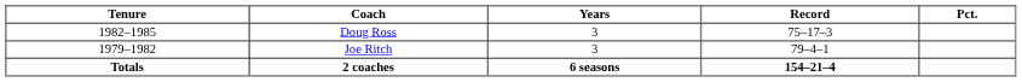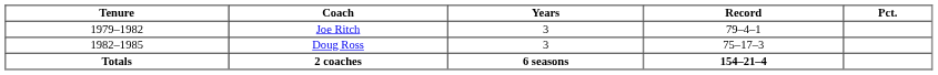 <table cellpadding="1" border="1" cellspacing="0" width="80%">
 <tr>
 <th>Tenure</th>
 <th>Coach</th>
 <th>Years</th>
 <th>Record</th>
 <th>Pct.</th>
 </tr>
 <tr align="center">
+<td>1979–1982</td>
+<td><a href='#'>Joe Ritch</a></td>
+<td>3</td>
+<td>79–4–1</td>
+<td></td>
+</tr>
+<tr align="center">
 <td>1982–1985</td>
 <td><a href='#'>Doug Ross</a></td>
 <td>3</td>
 <td>75–17–3</td>
-<td></td>
-</tr>
-<tr align="center">
-<td>1979–1982</td>
-<td><a href='#'>Joe Ritch</a></td>
-<td>3</td>
-<td>79–4–1</td>
 <td></td>
 </tr>
 <tr align="center">
 </tr>
 <tr align="center">
 </tr>
 <tr align=center>
 <th>Totals</th>
 <th>2 coaches</th>
 <th>6 seasons</th>
 <th>154–21–4</th>
 <th></th>
 </tr>
 </table>
